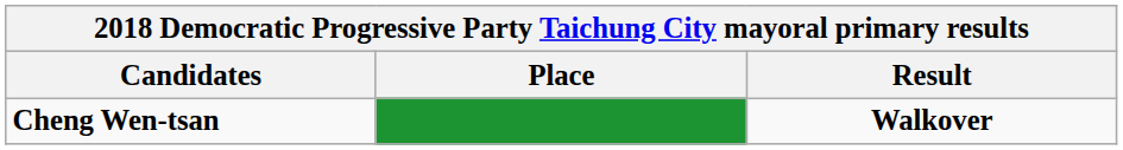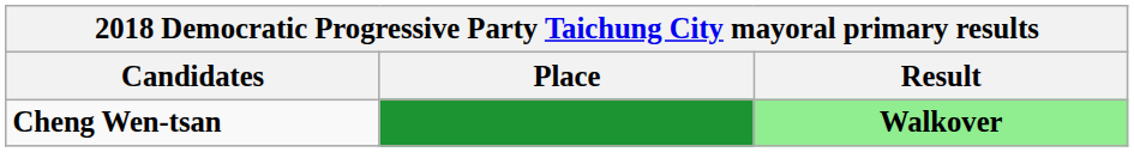 <table class="wikitable collapsible">
 <tr>
 <th colspan="5" width=600>2018 Democratic Progressive Party <a href='#'>Taichung City</a> mayoral primary results</th>
 </tr>
 <tr>
 <th width=80>Candidates</th>
 <th width=80>Place</th>
 <th width=80>Result</th>
 </tr>
 <tr>
 <td><strong>Cheng Wen-tsan</strong></td>
 <td style="background: #1B9431; text-align:center"><strong></strong></td>
-<td style="text-align:center"><strong>Walkover</strong></td>
+<td style="background: lightgreen; text-align:center"><strong>Walkover</strong></td>
 </tr>
 </table>
